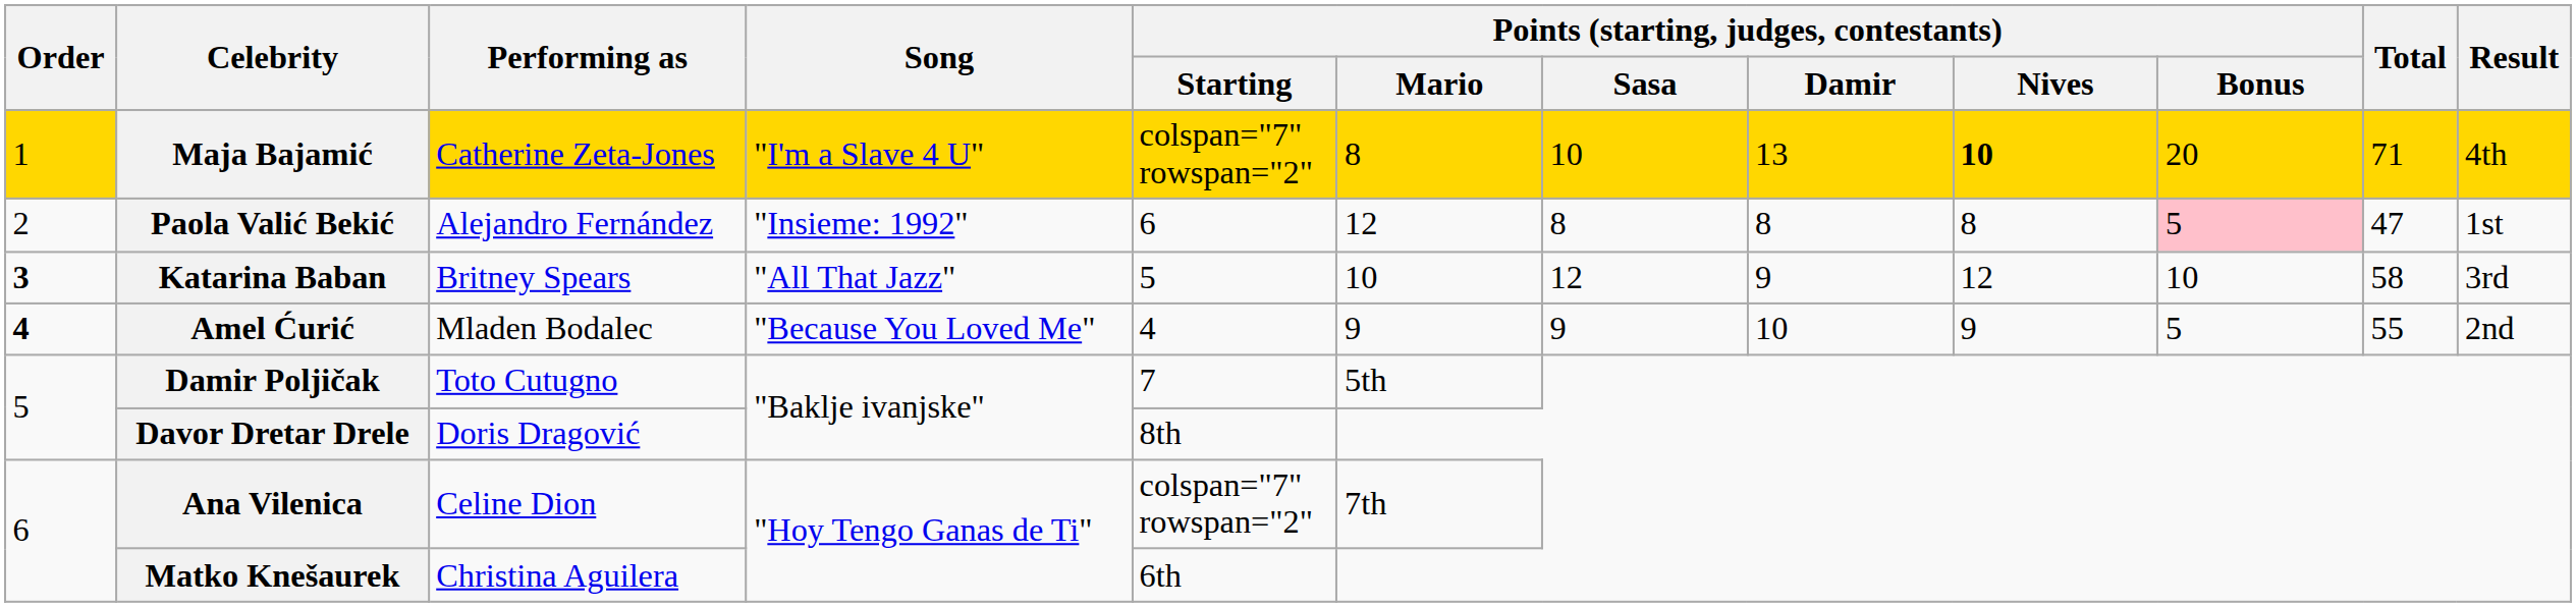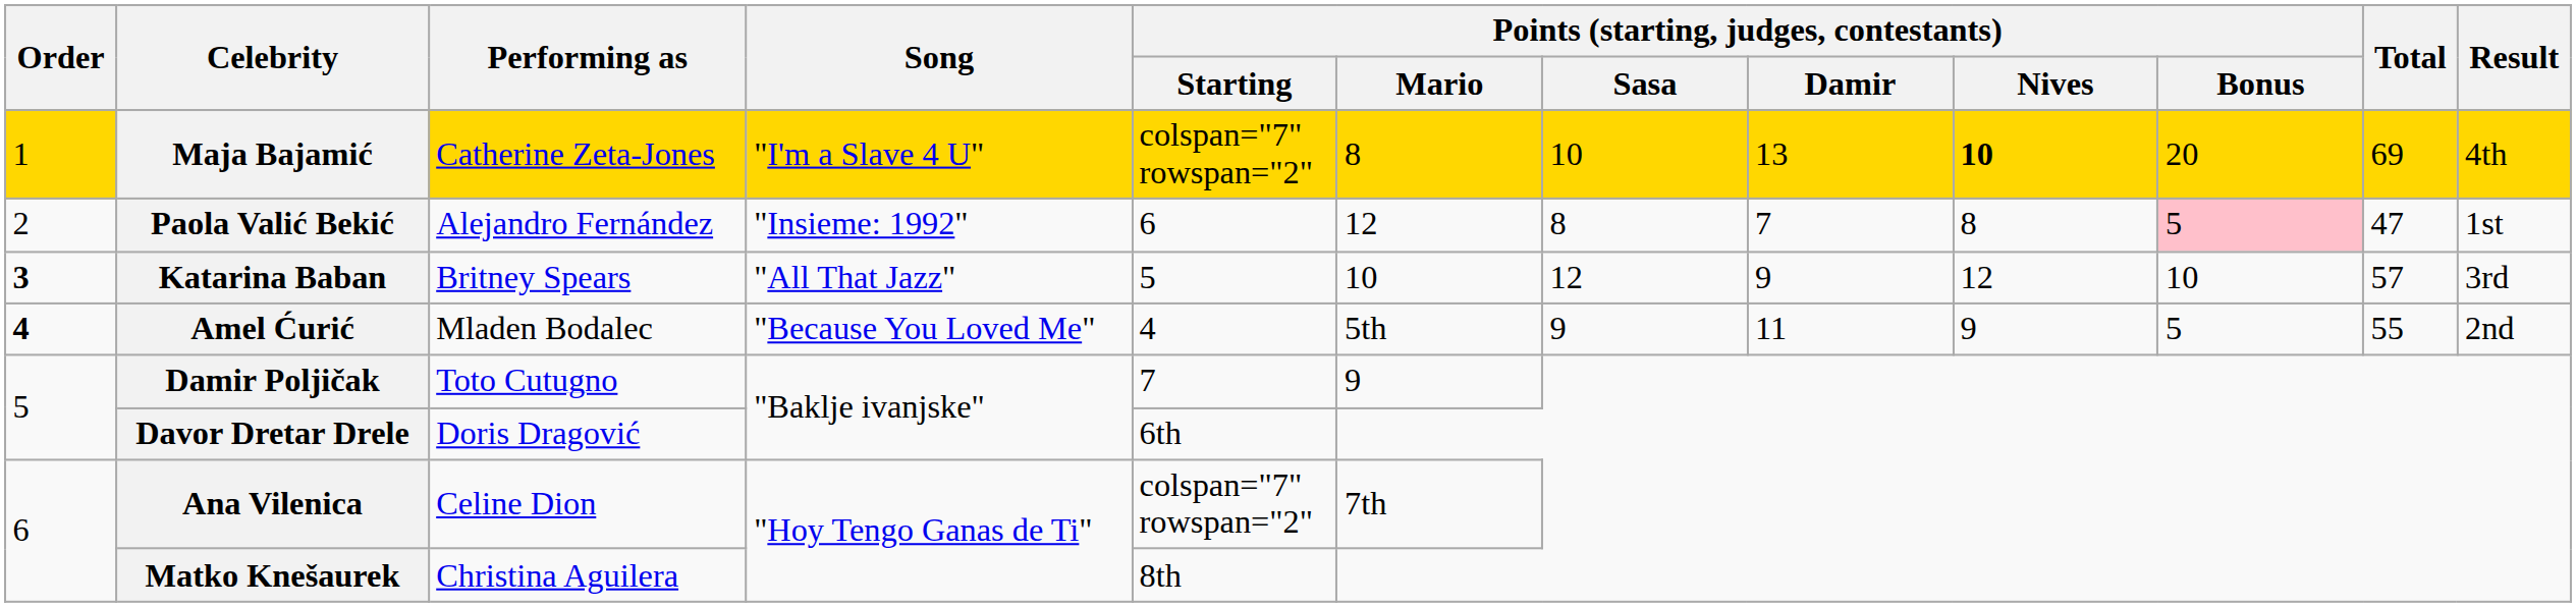 <table class=wikitable>
 <tr>
 <th rowspan="2">Order</th>
 <th rowspan="2">Celebrity</th>
 <th rowspan="2">Performing as</th>
 <th rowspan="2">Song</th>
 <th colspan="6" style="width:50%;">Points (starting, judges, contestants)</th>
 <th rowspan="2">Total</th>
 <th rowspan="2">Result</th>
 </tr>
 <tr>
 <th style="width:8%;">Starting</th>
 <th style="width:8%;">Mario</th>
 <th style="width:8%;">Sasa</th>
 <th style="width:8%;">Damir</th>
 <th style="width:8%;">Nives</th>
 <th style="width:8%;">Bonus</th>
 </tr>
 <tr style="background:gold;">
 <td>1</td>
 <th scope="row">Maja Bajamić</th>
 <td><a href='#'>Catherine Zeta-Jones</a></td>
 <td>"<a href='#'>I'm a Slave 4 U</a>"</td>
 <td>colspan="7" rowspan="2" </td>
 <td>8</td>
 <td>10</td>
 <td>13</td>
 <td><strong>10</strong></td>
 <td>20</td>
-<td>71</td>
+<td>69</td>
 <td>4th</td>
 </tr>
 <tr>
 <td>2</td>
 <th scope="row">Paola Valić Bekić</th>
 <td><a href='#'>Alejandro Fernández</a></td>
 <td>"<a href='#'>Insieme: 1992</a>"</td>
 <td>6</td>
 <td>12</td>
 <td>8</td>
-<td>8</td>
+<td>7</td>
 <td>8</td>
 <td style="background: pink;">5</td>
 <td>47</td>
 <td>1st</td>
 </tr>
 <tr>
 <td><strong>3</strong></td>
 <th scope="row">Katarina Baban</th>
 <td><a href='#'>Britney Spears</a></td>
 <td>"<a href='#'>All That Jazz</a>"</td>
 <td>5</td>
 <td>10</td>
 <td>12</td>
 <td>9</td>
 <td>12</td>
 <td>10</td>
-<td>58</td>
+<td>57</td>
 <td>3rd</td>
 </tr>
 <tr>
 <td><strong>4</strong></td>
 <th scope="row">Amel Ćurić</th>
 <td>Mladen Bodalec</td>
 <td>"<a href='#'>Because You Loved Me</a>"</td>
 <td>4</td>
+<td>5th</td>
 <td>9</td>
-<td>9</td>
-<td>10</td>
+<td>11</td>
 <td>9</td>
 <td>5</td>
 <td>55</td>
 <td>2nd</td>
 </tr>
 <tr>
 <td rowspan="2">5</td>
 <th scope="row">Damir Poljičak</th>
 <td><a href='#'>Toto Cutugno</a></td>
 <td rowspan="2">"Baklje ivanjske"</td>
 <td>7</td>
-<td>5th</td>
+<td>9</td>
 </tr>
 <tr>
 <th scope="row">Davor Dretar Drele</th>
 <td><a href='#'>Doris Dragović</a></td>
-<td>8th</td>
+<td>6th</td>
 </tr>
 <tr>
 <td rowspan="2">6</td>
 <th scope="row">Ana Vilenica</th>
 <td><a href='#'>Celine Dion</a></td>
 <td colspan="1" rowspan="2">"<a href='#'>Hoy Tengo Ganas de Ti</a>"</td>
 <td>colspan="7" rowspan="2" </td>
 <td>7th</td>
 </tr>
 <tr>
 <th scope="row">Matko Knešaurek</th>
 <td><a href='#'>Christina Aguilera</a></td>
-<td>6th</td>
+<td>8th</td>
 </tr>
 </table>
